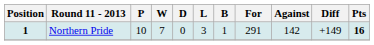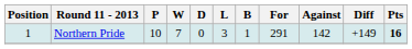 <table class="wikitable" style="text-align:center; font-size:85%;">
 <tr>
 <th width=40 abbr="Position">Position</th>
 <th width=100>Round 11 - 2013</th>
 <th width=20 abbr="Played">P</th>
 <th width=20 abbr="Won">W</th>
 <th width=20 abbr="Drawn">D</th>
 <th width=20 abbr="Lost">L</th>
 <th width=20 abbr="Bye">B</th>
 <th width=40 abbr="Points for">For</th>
 <th width=40 abbr="Points against">Against</th>
 <th width=40 abbr="Points difference">Diff</th>
 <th width=20 abbr="Points">Pts</th>
 </tr>
 <tr style="background: #d7ebed;">
-<td><strong>1</strong></td>
+<td>1</td>
 <td style="text-align:left;"> <a href='#'>Northern Pride</a></td>
 <td>10</td>
 <td>7</td>
 <td>0</td>
 <td>3</td>
 <td>1</td>
 <td>291</td>
 <td>142</td>
 <td>+149</td>
 <td><strong>16</strong></td>
 </tr>
 <tr>
 </tr>
 </table>
